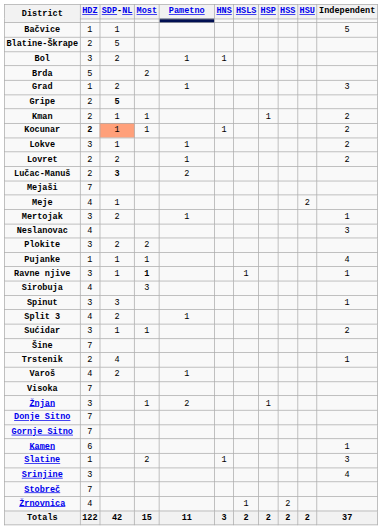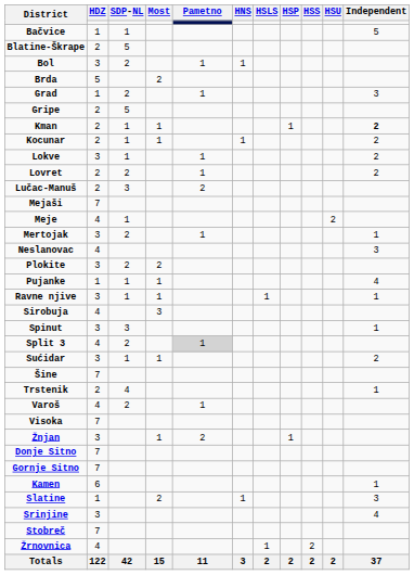 <table class="wikitable" style="text-align:center; font-size:90%;">
 <tr>
 <th rowspan=2>District</th>
 <th><a href='#'>HDZ</a></th>
 <th><a href='#'>SDP</a>-<a href='#'>NL</a></th>
 <th><a href='#'>Most</a></th>
 <th><a href='#'>Pametno</a></th>
 <th><a href='#'>HNS</a></th>
 <th><a href='#'>HSLS</a></th>
 <th><a href='#'>HSP</a></th>
 <th><a href='#'>HSS</a></th>
 <th><a href='#'>HSU</a></th>
 <th>Independent</th>
 </tr>
 <tr>
 <td style="background: "></td>
 <td style="background: "></td>
 <td style="background: "></td>
 <td style="background-color:#011053; width:70px;"></td>
 <td style="background: "></td>
 <td style="background: "></td>
 <td style="background: "></td>
 <td style="background: "></td>
 <td style="background: "></td>
 <td style="background: "></td>
 </tr>
 <tr>
 <td><strong>Bačvice</strong></td>
 <td>1</td>
 <td>1</td>
 <td></td>
 <td></td>
 <td></td>
 <td></td>
 <td></td>
 <td></td>
 <td></td>
 <td>5</td>
 </tr>
 <tr>
 <td><strong>Blatine-Škrape</strong></td>
 <td>2</td>
 <td>5</td>
 <td></td>
 <td></td>
 <td></td>
 <td></td>
 <td></td>
 <td></td>
 <td></td>
 <td></td>
 </tr>
 <tr>
 <td><strong>Bol</strong></td>
 <td>3</td>
 <td>2</td>
 <td></td>
 <td>1</td>
 <td>1</td>
 <td></td>
 <td></td>
 <td></td>
 <td></td>
 <td></td>
 </tr>
 <tr>
 <td><strong>Brda</strong></td>
 <td>5</td>
 <td></td>
 <td>2</td>
 <td></td>
 <td></td>
 <td></td>
 <td></td>
 <td></td>
 <td></td>
 <td></td>
 </tr>
 <tr>
 <td><strong>Grad</strong></td>
 <td>1</td>
 <td>2</td>
 <td></td>
 <td>1</td>
 <td></td>
 <td></td>
 <td></td>
 <td></td>
 <td></td>
 <td>3</td>
 </tr>
 <tr>
 <td><strong>Gripe</strong></td>
 <td>2</td>
-<td><strong>5</strong></td>
+<td>5</td>
 <td></td>
 <td></td>
 <td></td>
 <td></td>
 <td></td>
 <td></td>
 <td></td>
 <td></td>
 </tr>
 <tr>
 <td><strong>Kman</strong></td>
 <td>2</td>
 <td>1</td>
 <td>1</td>
 <td></td>
 <td></td>
 <td></td>
 <td>1</td>
 <td></td>
 <td></td>
-<td>2</td>
+<td><strong>2</strong></td>
 </tr>
 <tr>
 <td><strong>Kocunar</strong></td>
-<td><strong>2</strong></td>
-<td style="background: lightsalmon;">1</td>
+<td>2</td>
+<td>1</td>
 <td>1</td>
 <td></td>
 <td>1</td>
 <td></td>
 <td></td>
 <td></td>
 <td></td>
 <td>2</td>
 </tr>
 <tr>
 <td><strong>Lokve</strong></td>
 <td>3</td>
 <td>1</td>
 <td></td>
 <td>1</td>
 <td></td>
 <td></td>
 <td></td>
 <td></td>
 <td></td>
 <td>2</td>
 </tr>
 <tr>
 <td><strong>Lovret</strong></td>
 <td>2</td>
 <td>2</td>
 <td></td>
 <td>1</td>
 <td></td>
 <td></td>
 <td></td>
 <td></td>
 <td></td>
 <td>2</td>
 </tr>
 <tr>
 <td><strong>Lučac-Manuš</strong></td>
 <td>2</td>
-<td><strong>3</strong></td>
+<td>3</td>
 <td></td>
 <td>2</td>
 <td></td>
 <td></td>
 <td></td>
 <td></td>
 <td></td>
 <td></td>
 </tr>
 <tr>
 <td><strong>Mejaši</strong></td>
 <td>7</td>
 <td></td>
 <td></td>
 <td></td>
 <td></td>
 <td></td>
 <td></td>
 <td></td>
 <td></td>
 <td></td>
 </tr>
 <tr>
 <td><strong>Meje</strong></td>
 <td>4</td>
 <td>1</td>
 <td></td>
 <td></td>
 <td></td>
 <td></td>
 <td></td>
 <td></td>
 <td>2</td>
 <td></td>
 </tr>
 <tr>
 <td><strong>Mertojak</strong></td>
 <td>3</td>
 <td>2</td>
 <td></td>
 <td>1</td>
 <td></td>
 <td></td>
 <td></td>
 <td></td>
 <td></td>
 <td>1</td>
 </tr>
 <tr>
 <td><strong>Neslanovac</strong></td>
 <td>4</td>
 <td></td>
 <td></td>
 <td></td>
 <td></td>
 <td></td>
 <td></td>
 <td></td>
 <td></td>
 <td>3</td>
 </tr>
 <tr>
 <td><strong>Plokite</strong></td>
 <td>3</td>
 <td>2</td>
 <td>2</td>
 <td></td>
 <td></td>
 <td></td>
 <td></td>
 <td></td>
 <td></td>
 <td></td>
 </tr>
 <tr>
 <td><strong>Pujanke</strong></td>
 <td>1</td>
 <td>1</td>
 <td>1</td>
 <td></td>
 <td></td>
 <td></td>
 <td></td>
 <td></td>
 <td></td>
 <td>4</td>
 </tr>
 <tr>
 <td><strong>Ravne njive</strong></td>
 <td>3</td>
 <td>1</td>
-<td><strong>1</strong></td>
+<td>1</td>
 <td></td>
 <td></td>
 <td>1</td>
 <td></td>
 <td></td>
 <td></td>
 <td>1</td>
 </tr>
 <tr>
 <td><strong>Sirobuja</strong></td>
 <td>4</td>
 <td></td>
 <td>3</td>
 <td></td>
 <td></td>
 <td></td>
 <td></td>
 <td></td>
 <td></td>
 <td></td>
 </tr>
 <tr>
 <td><strong>Spinut</strong></td>
 <td>3</td>
 <td>3</td>
 <td></td>
 <td></td>
 <td></td>
 <td></td>
 <td></td>
 <td></td>
 <td></td>
 <td>1</td>
 </tr>
 <tr>
 <td><strong>Split 3</strong></td>
 <td>4</td>
 <td>2</td>
 <td></td>
-<td>1</td>
+<td style="background: lightgrey;">1</td>
 <td></td>
 <td></td>
 <td></td>
 <td></td>
 <td></td>
 <td></td>
 </tr>
 <tr>
 <td><strong>Sućidar</strong></td>
 <td>3</td>
 <td>1</td>
 <td>1</td>
 <td></td>
 <td></td>
 <td></td>
 <td></td>
 <td></td>
 <td></td>
 <td>2</td>
 </tr>
 <tr>
 <td><strong>Šine</strong></td>
 <td>7</td>
 <td></td>
 <td></td>
 <td></td>
 <td></td>
 <td></td>
 <td></td>
 <td></td>
 <td></td>
 <td></td>
 </tr>
 <tr>
 <td><strong>Trstenik</strong></td>
 <td>2</td>
 <td>4</td>
 <td></td>
 <td></td>
 <td></td>
 <td></td>
 <td></td>
 <td></td>
 <td></td>
 <td>1</td>
 </tr>
 <tr>
 <td><strong>Varoš</strong></td>
 <td>4</td>
 <td>2</td>
 <td></td>
 <td>1</td>
 <td></td>
 <td></td>
 <td></td>
 <td></td>
 <td></td>
 <td></td>
 </tr>
 <tr>
 <td><strong>Visoka</strong></td>
 <td>7</td>
 <td></td>
 <td></td>
 <td></td>
 <td></td>
 <td></td>
 <td></td>
 <td></td>
 <td></td>
 <td></td>
 </tr>
 <tr>
 <td><strong><a href='#'>Žnjan</a></strong></td>
 <td>3</td>
 <td></td>
 <td>1</td>
 <td>2</td>
 <td></td>
 <td></td>
 <td>1</td>
 <td></td>
 <td></td>
 <td></td>
 </tr>
 <tr>
 <td><strong><a href='#'>Donje Sitno</a></strong></td>
 <td>7</td>
 <td></td>
 <td></td>
 <td></td>
 <td></td>
 <td></td>
 <td></td>
 <td></td>
 <td></td>
 <td></td>
 </tr>
 <tr>
 <td><strong><a href='#'>Gornje Sitno</a></strong></td>
 <td>7</td>
 <td></td>
 <td></td>
 <td></td>
 <td></td>
 <td></td>
 <td></td>
 <td></td>
 <td></td>
 <td></td>
 </tr>
 <tr>
 <td><strong><a href='#'>Kamen</a></strong></td>
 <td>6</td>
 <td></td>
 <td></td>
 <td></td>
 <td></td>
 <td></td>
 <td></td>
 <td></td>
 <td></td>
 <td>1</td>
 </tr>
 <tr>
 <td><strong><a href='#'>Slatine</a></strong></td>
 <td>1</td>
 <td></td>
 <td>2</td>
 <td></td>
 <td>1</td>
 <td></td>
 <td></td>
 <td></td>
 <td></td>
 <td>3</td>
 </tr>
 <tr>
 <td><strong><a href='#'>Srinjine</a></strong></td>
 <td>3</td>
 <td></td>
 <td></td>
 <td></td>
 <td></td>
 <td></td>
 <td></td>
 <td></td>
 <td></td>
 <td>4</td>
 </tr>
 <tr>
 <td><strong><a href='#'>Stobreč</a></strong></td>
 <td>7</td>
 <td></td>
 <td></td>
 <td></td>
 <td></td>
 <td></td>
 <td></td>
 <td></td>
 <td></td>
 <td></td>
 </tr>
 <tr>
 <td><strong><a href='#'>Žrnovnica</a></strong></td>
 <td>4</td>
 <td></td>
 <td></td>
 <td></td>
 <td></td>
 <td>1</td>
 <td></td>
 <td>2</td>
 <td></td>
 <td></td>
 </tr>
 <tr>
 <th>Totals</th>
 <th>122</th>
 <th>42</th>
 <th>15</th>
 <th>11</th>
 <th>3</th>
 <th>2</th>
 <th>2</th>
 <th>2</th>
 <th>2</th>
 <th>37</th>
 </tr>
 </table>
